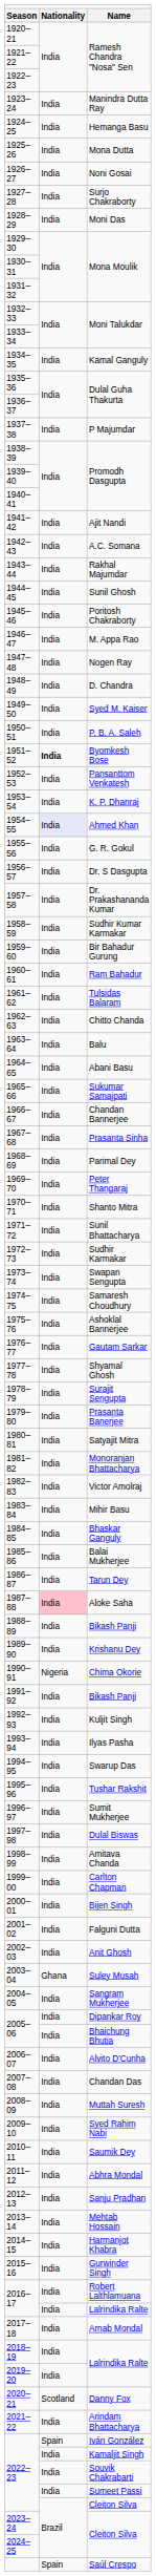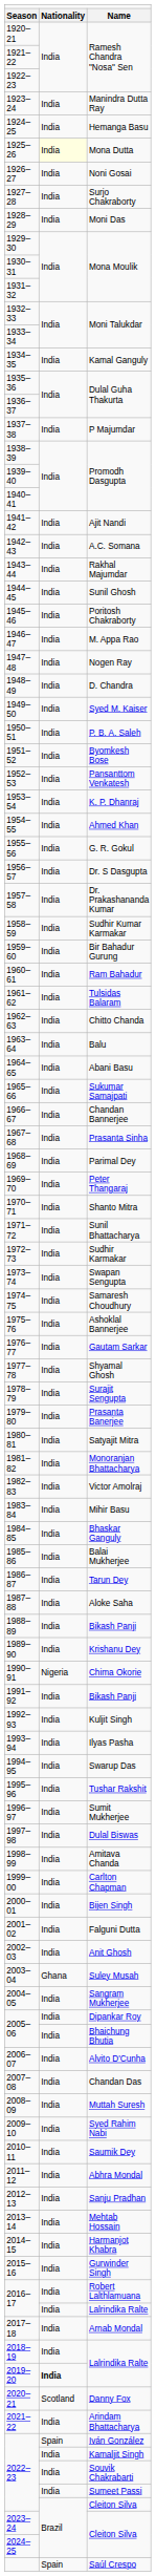 <table class="wikitable" style="font-size:95%; width:40%; text-align:left">
 <tr>
 <td Colspan="3"></td>
 </tr>
 <tr>
 <th width="10%">Season</th>
 <th width="10%">Nationality</th>
 <th width="20%">Name</th>
 </tr>
 <tr>
 <td>1920–21</td>
 <td rowspan="3";align="left"> India</td>
 <td rowspan="3";align="left">Ramesh Chandra "Nosa" Sen</td>
 </tr>
 <tr>
 <td>1921–22</td>
 </tr>
 <tr>
 <td>1922–23</td>
 </tr>
 <tr>
 <td>1923–24</td>
 <td align="left"> India</td>
 <td>Manindra Dutta Ray</td>
 </tr>
 <tr>
 <td>1924–25</td>
 <td align="left"> India</td>
 <td>Hemanga Basu</td>
 </tr>
 <tr>
 <td>1925–26</td>
-<td align="left"> India</td>
+<td align="left" style="background: lightyellow;"> India</td>
 <td>Mona Dutta</td>
 </tr>
 <tr>
 <td>1926–27</td>
 <td align="left"> India</td>
 <td>Noni Gosai</td>
 </tr>
 <tr>
 <td>1927–28</td>
 <td align="left"> India</td>
 <td>Surjo Chakraborty</td>
 </tr>
 <tr>
 <td>1928–29</td>
 <td align="left"> India</td>
 <td>Moni Das</td>
 </tr>
 <tr>
 <td>1929–30</td>
 <td rowspan="3";align="left"> India</td>
 <td rowspan="3";align="left">Mona Moulik</td>
 </tr>
 <tr>
 <td>1930–31</td>
 </tr>
 <tr>
 <td>1931–32</td>
 </tr>
 <tr>
 <td>1932–33</td>
 <td rowspan="2";align="left"> India</td>
 <td rowspan="2";align="left">Moni Talukdar</td>
 </tr>
 <tr>
 <td>1933–34</td>
 </tr>
 <tr>
 <td>1934–35</td>
 <td align="left"> India</td>
 <td>Kamal Ganguly</td>
 </tr>
 <tr>
 <td>1935–36</td>
 <td rowspan="2";align="left"> India</td>
 <td rowspan="2";align="left">Dulal Guha Thakurta</td>
 </tr>
 <tr>
 <td>1936–37</td>
 </tr>
 <tr>
 <td>1937–38</td>
 <td align="left"> India</td>
 <td>P Majumdar</td>
 </tr>
 <tr>
 <td>1938–39</td>
 <td rowspan="3";align="left"> India</td>
 <td rowspan="3";align="left">Promodh Dasgupta</td>
 </tr>
 <tr>
 <td>1939–40</td>
 </tr>
 <tr>
 <td>1940–41</td>
 </tr>
 <tr>
 <td>1941–42</td>
 <td align="left"> India</td>
 <td>Ajit Nandi</td>
 </tr>
 <tr>
 <td>1942–43</td>
 <td align="left"> India</td>
 <td>A.C. Somana</td>
 </tr>
 <tr>
 <td>1943–44</td>
 <td align="left"> India</td>
 <td>Rakhal Majumdar</td>
 </tr>
 <tr>
 <td>1944–45</td>
 <td align="left"> India</td>
 <td>Sunil Ghosh</td>
 </tr>
 <tr>
 <td>1945–46</td>
 <td align="left"> India</td>
 <td>Poritosh Chakraborty</td>
 </tr>
 <tr>
 <td>1946–47</td>
 <td align="left"> India</td>
 <td>M. Appa Rao</td>
 </tr>
 <tr>
 <td>1947–48</td>
 <td align="left"> India</td>
 <td>Nogen Ray</td>
 </tr>
 <tr>
 <td>1948–49</td>
 <td align="left"> India</td>
 <td>D. Chandra</td>
 </tr>
 <tr>
 <td>1949–50</td>
 <td align="left"> India</td>
 <td><a href='#'>Syed M. Kaiser</a></td>
 </tr>
 <tr>
 <td>1950–51</td>
 <td align="left"> India</td>
 <td><a href='#'>P. B. A. Saleh</a></td>
 </tr>
 <tr>
 <td>1951–52</td>
-<td align="left"><strong> India</strong></td>
+<td align="left"> India</td>
 <td><a href='#'>Byomkesh Bose</a></td>
 </tr>
 <tr>
 <td>1952–53</td>
 <td align="left"> India</td>
 <td><a href='#'>Pansanttom Venkatesh</a></td>
 </tr>
 <tr>
 <td>1953–54</td>
 <td align="left"> India</td>
 <td><a href='#'>K. P. Dhanraj</a></td>
 </tr>
 <tr>
 <td>1954–55</td>
-<td align="left" style="background: lavender;"> India</td>
+<td align="left"> India</td>
 <td><a href='#'>Ahmed Khan</a></td>
 </tr>
 <tr>
 <td>1955–56</td>
 <td align="left"> India</td>
 <td>G. R. Gokul</td>
 </tr>
 <tr>
 <td>1956–57</td>
 <td align="left"> India</td>
 <td>Dr. S Dasgupta</td>
 </tr>
 <tr>
 <td>1957–58</td>
 <td align="left"> India</td>
 <td>Dr. Prakashananda Kumar</td>
 </tr>
 <tr>
 <td>1958–59</td>
 <td align="left"> India</td>
 <td>Sudhir Kumar Karmakar</td>
 </tr>
 <tr>
 <td>1959–60</td>
 <td align="left"> India</td>
 <td>Bir Bahadur Gurung</td>
 </tr>
 <tr>
 <td>1960–61</td>
 <td align="left"> India</td>
 <td><a href='#'>Ram Bahadur</a></td>
 </tr>
 <tr>
 <td>1961–62</td>
 <td align="left"> India</td>
 <td><a href='#'>Tulsidas Balaram</a></td>
 </tr>
 <tr>
 <td>1962–63</td>
 <td align="left"> India</td>
 <td>Chitto Chanda</td>
 </tr>
 <tr>
 <td>1963–64</td>
 <td align="left"> India</td>
 <td>Balu</td>
 </tr>
 <tr>
 <td>1964–65</td>
 <td align="left"> India</td>
 <td>Abani Basu</td>
 </tr>
 <tr>
 <td>1965–66</td>
 <td align="left"> India</td>
 <td><a href='#'>Sukumar Samajpati</a></td>
 </tr>
 <tr>
 <td>1966–67</td>
 <td align="left"> India</td>
 <td>Chandan Bannerjee</td>
 </tr>
 <tr>
 <td>1967–68</td>
 <td align="left"> India</td>
 <td><a href='#'>Prasanta Sinha</a></td>
 </tr>
 <tr>
 <td>1968–69</td>
 <td align="left"> India</td>
 <td>Parimal Dey</td>
 </tr>
 <tr>
 <td>1969–70</td>
 <td align="left"> India</td>
 <td><a href='#'>Peter Thangaraj</a></td>
 </tr>
 <tr>
 <td>1970–71</td>
 <td align="left"> India</td>
 <td>Shanto Mitra</td>
 </tr>
 <tr>
 <td>1971–72</td>
 <td align="left"> India</td>
 <td>Sunil Bhattacharya</td>
 </tr>
 <tr>
 <td>1972–73</td>
 <td align="left"> India</td>
 <td>Sudhir Karmakar</td>
 </tr>
 <tr>
 <td>1973–74</td>
 <td align="left"> India</td>
 <td>Swapan Sengupta</td>
 </tr>
 <tr>
 <td>1974–75</td>
 <td align="left"> India</td>
 <td>Samaresh Choudhury</td>
 </tr>
 <tr>
 <td>1975–76</td>
 <td align="left"> India</td>
 <td>Ashoklal Bannerjee</td>
 </tr>
 <tr>
 <td>1976–77</td>
 <td align="left"> India</td>
 <td><a href='#'>Gautam Sarkar</a></td>
 </tr>
 <tr>
 <td>1977–78</td>
 <td align="left"> India</td>
 <td>Shyamal Ghosh</td>
 </tr>
 <tr>
 <td>1978–79</td>
 <td align="left"> India</td>
 <td><a href='#'>Surajit Sengupta</a></td>
 </tr>
 <tr>
 <td>1979–80</td>
 <td align="left"> India</td>
 <td><a href='#'>Prasanta Banerjee</a></td>
 </tr>
 <tr>
 <td>1980–81</td>
 <td align="left"> India</td>
 <td>Satyajit Mitra</td>
 </tr>
 <tr>
 <td>1981–82</td>
 <td align="left"> India</td>
 <td><a href='#'>Monoranjan Bhattacharya</a></td>
 </tr>
 <tr>
 <td>1982–83</td>
 <td align="left"> India</td>
 <td>Victor Amolraj</td>
 </tr>
 <tr>
 <td>1983–84</td>
 <td align="left"> India</td>
 <td>Mihir Basu</td>
 </tr>
 <tr>
 <td>1984–85</td>
 <td align="left"> India</td>
 <td><a href='#'>Bhaskar Ganguly</a></td>
 </tr>
 <tr>
 <td>1985–86</td>
 <td align="left"> India</td>
 <td>Balai Mukherjee</td>
 </tr>
 <tr>
 <td>1986–87</td>
 <td align="left"> India</td>
 <td><a href='#'>Tarun Dey</a></td>
 </tr>
 <tr>
 <td>1987–88</td>
-<td align="left" style="background: pink;"> India</td>
+<td align="left"> India</td>
 <td>Aloke Saha</td>
 </tr>
 <tr>
 <td>1988–89</td>
 <td align="left"> India</td>
 <td><a href='#'>Bikash Panji</a></td>
 </tr>
 <tr>
 <td>1989–90</td>
 <td align="left"> India</td>
 <td><a href='#'>Krishanu Dey</a></td>
 </tr>
 <tr>
 <td>1990–91</td>
 <td align="left"> Nigeria</td>
 <td><a href='#'>Chima Okorie</a></td>
 </tr>
 <tr>
 <td>1991–92</td>
 <td align="left"> India</td>
 <td><a href='#'>Bikash Panji</a></td>
 </tr>
 <tr>
 <td>1992–93</td>
 <td align="left"> India</td>
 <td>Kuljit Singh</td>
 </tr>
 <tr>
 <td>1993–94</td>
 <td align="left"> India</td>
 <td>Ilyas Pasha</td>
 </tr>
 <tr>
 <td>1994–95</td>
 <td align="left"> India</td>
 <td>Swarup Das</td>
 </tr>
 <tr>
 <td>1995–96</td>
 <td align="left"> India</td>
 <td><a href='#'>Tushar Rakshit</a></td>
 </tr>
 <tr>
 <td>1996–97</td>
 <td align="left"> India</td>
 <td>Sumit Mukherjee</td>
 </tr>
 <tr>
 <td>1997–98</td>
 <td align="left"> India</td>
 <td><a href='#'>Dulal Biswas</a></td>
 </tr>
 <tr>
 <td>1998–99</td>
 <td align="left"> India</td>
 <td>Amitava Chanda</td>
 </tr>
 <tr>
 <td>1999–00</td>
 <td align="left"> India</td>
 <td><a href='#'>Carlton Chapman</a></td>
 </tr>
 <tr>
 <td>2000–01</td>
 <td align="left"> India</td>
 <td><a href='#'>Bijen Singh</a></td>
 </tr>
 <tr>
 <td>2001–02</td>
 <td align="left"> India</td>
 <td>Falguni Dutta</td>
 </tr>
 <tr>
 <td>2002–03</td>
 <td align="left"> India</td>
 <td><a href='#'>Anit Ghosh</a></td>
 </tr>
 <tr>
 <td>2003–04</td>
 <td align="left"> Ghana</td>
 <td><a href='#'>Suley Musah</a></td>
 </tr>
 <tr>
 <td>2004–05</td>
 <td align="left"> India</td>
 <td><a href='#'>Sangram Mukherjee</a></td>
 </tr>
 <tr>
 <td rowspan="2">2005–06</td>
 <td align="left"> India</td>
 <td><a href='#'>Dipankar Roy</a></td>
 </tr>
 <tr>
 <td align="left"> India</td>
 <td><a href='#'>Bhaichung Bhutia</a></td>
 </tr>
 <tr>
 <td>2006–07</td>
 <td align="left"> India</td>
 <td><a href='#'>Alvito D'Cunha</a></td>
 </tr>
 <tr>
 <td>2007–08</td>
 <td align="left"> India</td>
 <td>Chandan Das</td>
 </tr>
 <tr>
 <td>2008–09</td>
 <td align="left"> India</td>
 <td><a href='#'>Muttah Suresh</a></td>
 </tr>
 <tr>
 <td>2009–10</td>
 <td align="left"> India</td>
 <td><a href='#'>Syed Rahim Nabi</a></td>
 </tr>
 <tr>
 <td>2010–11</td>
 <td align="left"> India</td>
 <td><a href='#'>Saumik Dey</a></td>
 </tr>
 <tr>
 <td>2011–12</td>
 <td align="left"> India</td>
 <td><a href='#'>Abhra Mondal</a></td>
 </tr>
 <tr>
 <td>2012–13</td>
 <td align="left"> India</td>
 <td><a href='#'>Sanju Pradhan</a></td>
 </tr>
 <tr>
 <td>2013–14</td>
 <td align="left"> India</td>
 <td><a href='#'>Mehtab Hossain</a></td>
 </tr>
 <tr>
 <td>2014–15</td>
 <td align="left"> India</td>
 <td><a href='#'>Harmanjot Khabra</a></td>
 </tr>
 <tr>
 <td>2015–16</td>
 <td align="left"> India</td>
 <td><a href='#'>Gurwinder Singh</a></td>
 </tr>
 <tr>
 <td rowspan=2>2016–17</td>
 <td align="left"> India</td>
 <td><a href='#'>Robert Lalthlamuana</a></td>
 </tr>
 <tr>
 <td align="left"> India</td>
 <td><a href='#'>Lalrindika Ralte</a></td>
 </tr>
 <tr>
 <td>2017–18</td>
 <td align="left"> India</td>
 <td><a href='#'>Arnab Mondal</a></td>
 </tr>
 <tr>
 <td><a href='#'>2018–19</a></td>
 <td align="left"> India</td>
 <td rowspan="2"><a href='#'>Lalrindika Ralte</a></td>
 </tr>
 <tr>
 <td><a href='#'>2019–20</a></td>
-<td align="left"> India</td>
+<td align="left"><strong> India</strong></td>
 </tr>
 <tr>
 <td><a href='#'>2020–21</a></td>
 <td align="left"> Scotland</td>
 <td><a href='#'>Danny Fox</a></td>
 </tr>
 <tr>
 <td><a href='#'>2021–22</a></td>
 <td align="left"> India</td>
 <td><a href='#'>Arindam Bhattacharya</a></td>
 </tr>
 <tr>
 <td rowspan=5><a href='#'>2022–23</a></td>
 <td align="left"> Spain</td>
 <td><a href='#'>Iván González</a></td>
 </tr>
 <tr>
 <td align="left"> India</td>
 <td><a href='#'>Kamaljit Singh</a></td>
 </tr>
 <tr>
 <td align="left"> India</td>
 <td><a href='#'>Souvik Chakrabarti</a></td>
 </tr>
 <tr>
 <td align="left"> India</td>
 <td><a href='#'>Sumeet Passi</a></td>
 </tr>
 <tr>
 <td rowspan="3" align="left"> Brazil</td>
 <td><a href='#'>Cleiton Silva</a></td>
 </tr>
 <tr>
 <td rowspan=1><a href='#'>2023–24</a></td>
 <td rowspan="2" ;align="left"><a href='#'>Cleiton Silva</a></td>
 </tr>
 <tr>
 <td rowspan=1><a href='#'>2024–25</a></td>
 </tr>
 <tr>
 <td></td>
 <td align="left"> Spain</td>
 <td><a href='#'>Saúl Crespo</a></td>
 </tr>
 </table>
